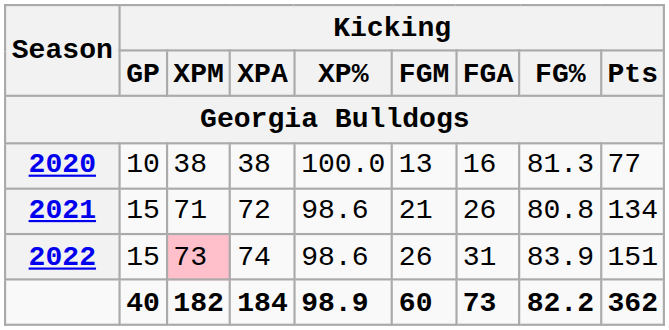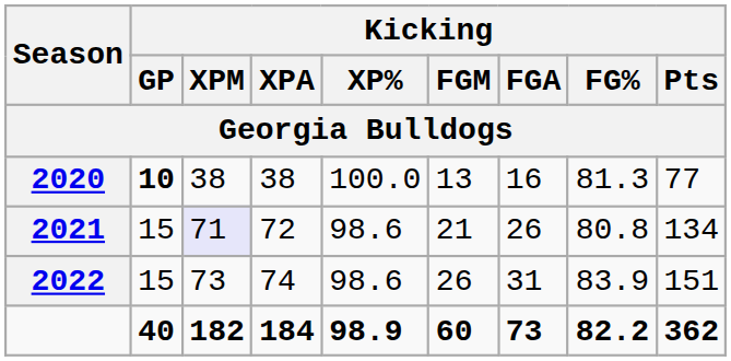 <table class="wikitable">
 <tr>
 <th rowspan="2">Season</th>
 <th colspan="8">Kicking</th>
 </tr>
 <tr>
 <th>GP</th>
 <th>XPM</th>
 <th>XPA</th>
 <th>XP%</th>
 <th>FGM</th>
 <th>FGA</th>
 <th>FG%</th>
 <th>Pts</th>
 </tr>
 <tr>
 <th colspan="12">Georgia Bulldogs</th>
 </tr>
 <tr>
 <th><a href='#'>2020</a></th>
-<td>10</td>
+<td><strong>10</strong></td>
 <td>38</td>
 <td>38</td>
 <td>100.0</td>
 <td>13</td>
 <td>16</td>
 <td>81.3</td>
 <td>77</td>
 </tr>
 <tr>
 <th><a href='#'>2021</a></th>
 <td>15</td>
-<td>71</td>
+<td style="background: lavender;">71</td>
 <td>72</td>
 <td>98.6</td>
 <td>21</td>
 <td>26</td>
 <td>80.8</td>
 <td>134</td>
 </tr>
 <tr>
 <th><a href='#'>2022</a></th>
 <td>15</td>
-<td style="background: pink;">73</td>
+<td>73</td>
 <td>74</td>
 <td>98.6</td>
 <td>26</td>
 <td>31</td>
 <td>83.9</td>
 <td>151</td>
 </tr>
 <tr style="font-weight:bold;">
 <td></td>
 <td>40</td>
 <td>182</td>
 <td>184</td>
 <td>98.9</td>
 <td>60</td>
 <td>73</td>
 <td>82.2</td>
 <td>362</td>
 </tr>
 </table>
